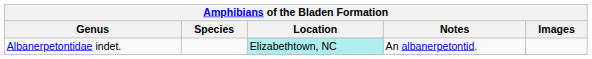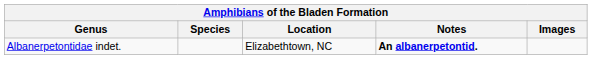 <table class="wikitable" width="100%" align="center">
 <tr>
 <th colspan="7" align="center"><strong><a href='#'>Amphibians</a> of the Bladen Formation</strong></th>
 </tr>
 <tr>
 <th>Genus</th>
 <th>Species</th>
 <th>Location</th>
 <th>Notes</th>
 <th>Images</th>
 </tr>
 <tr>
 <td><a href='#'>Albanerpetontidae</a> indet.</td>
 <td></td>
-<td style="background: paleturquoise;">Elizabethtown, NC</td>
-<td>An <a href='#'>albanerpetontid</a>.</td>
+<td>Elizabethtown, NC</td>
+<td><strong>An <a href='#'>albanerpetontid</a>.</strong></td>
 <td></td>
 </tr>
 </table>
